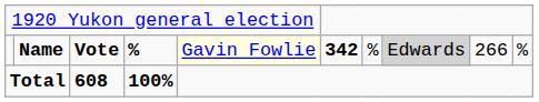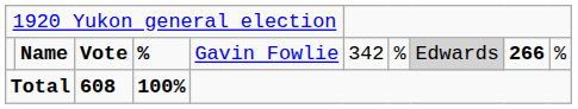 <table class="wikitable">
 <tr>
 <td colspan=5 align=center><a href='#'>1920 Yukon general election</a></td>
 </tr>
 <tr>
 <td></td>
 <td><strong>Name </strong></td>
 <td><strong>Vote</strong></td>
 <td><strong>%</strong><br></td>
-<td style="background: lightyellow;"><a href='#'>Gavin Fowlie</a></td>
-<td><strong>342</strong></td>
+<td><a href='#'>Gavin Fowlie</a></td>
+<td>342</td>
 <td>%<br></td>
 <td style="background: lightgrey;">Edwards</td>
-<td>266</td>
+<td><strong>266</strong></td>
 <td>%</td>
 </tr>
 <tr>
 <td colspan=2><strong>Total</strong></td>
 <td><strong>608</strong></td>
 <td><strong>100%</strong></td>
 </tr>
 </table>
